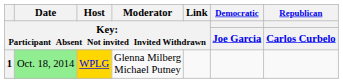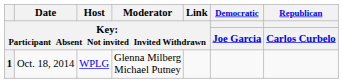 <table class="wikitable" style="text-align:center;">
 <tr>
 <th scope="col"></th>
 <th scope="col">Date</th>
 <th scope="col">Host</th>
 <th scope="col">Moderator</th>
 <th scope="col">Link</th>
 <th scope="col"><small><a href='#'>Democratic</a></small></th>
 <th scope="col"><small><a href='#'>Republican</a></small></th>
 </tr>
 <tr>
 <th colspan="5" rowspan="2">Key:<br> <small>Participant </small>  <small>Absent </small>  <small>Not invited </small>  <small>Invited  Withdrawn</small></th>
 <th scope="col" style="background:"></th>
 <th scope="col" style="background:"></th>
 </tr>
 <tr>
 <th scope="col"><a href='#'>Joe Garcia</a></th>
 <th scope="col"><a href='#'>Carlos Curbelo</a></th>
 </tr>
 <tr>
 <th>1</th>
-<td style="background: lightgreen; white-space:nowrap;">Oct. 18, 2014</td>
-<td style="background: gold; white-space:nowrap;"><a href='#'>WPLG</a></td>
+<td style="white-space:nowrap;">Oct. 18, 2014</td>
+<td style="white-space:nowrap;"><a href='#'>WPLG</a></td>
 <td style="white-space:nowrap;">Glenna Milberg<br>Michael Putney</td>
 <td style="white-space:nowrap;"></td>
 <td></td>
 <td></td>
 </tr>
 </table>
